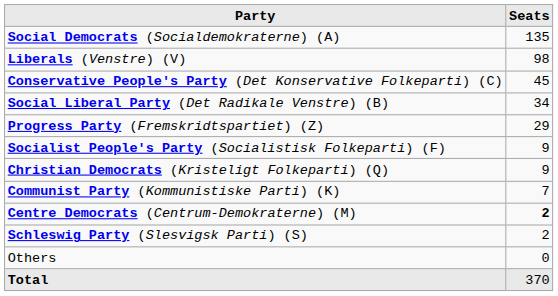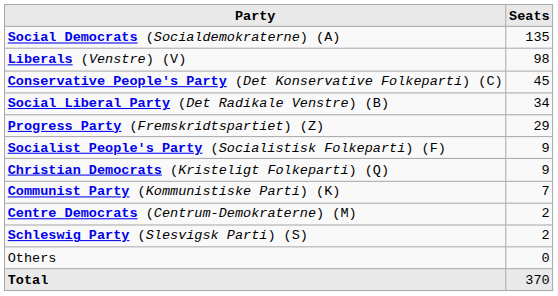 <table class="wikitable">
 <tr>
 <th style="background-color:#E9E9E9">Party</th>
 <th style="background-color:#E9E9E9">Seats</th>
 </tr>
 <tr>
 <td><strong><a href='#'>Social Democrats</a></strong> (<em>Socialdemokraterne</em>) (A)</td>
 <td align="right">135</td>
 </tr>
 <tr>
 <td><strong><a href='#'>Liberals</a></strong> (<em>Venstre</em>) (V)</td>
 <td align="right">98</td>
 </tr>
 <tr>
 <td><strong><a href='#'>Conservative People's Party</a></strong> (<em>Det Konservative Folkeparti</em>) (C)</td>
 <td align="right">45</td>
 </tr>
 <tr>
 <td><strong><a href='#'>Social Liberal Party</a></strong> (<em>Det Radikale Venstre</em>) (B)</td>
 <td align="right">34</td>
 </tr>
 <tr>
 <td><strong><a href='#'>Progress Party</a></strong> (<em>Fremskridtspartiet</em>) (Z)</td>
 <td align="right">29</td>
 </tr>
 <tr>
 <td><strong><a href='#'>Socialist People's Party</a></strong> (<em>Socialistisk Folkeparti</em>) (F)</td>
 <td align="right">9</td>
 </tr>
 <tr>
 <td><strong><a href='#'>Christian Democrats</a></strong> (<em>Kristeligt Folkeparti</em>) (Q)</td>
 <td align="right">9</td>
 </tr>
 <tr>
 <td><strong><a href='#'>Communist Party</a></strong> (<em>Kommunistiske Parti</em>) (K)</td>
 <td align="right">7</td>
 </tr>
 <tr>
 <td><strong><a href='#'>Centre Democrats</a></strong> (<em>Centrum-Demokraterne</em>) (M)</td>
-<td align="right"><strong>2</strong></td>
+<td align="right">2</td>
 </tr>
 <tr>
 <td><strong><a href='#'>Schleswig Party</a></strong> (<em>Slesvigsk Parti</em>) (S)</td>
 <td align="right">2</td>
 </tr>
 <tr>
 <td>Others</td>
 <td align="right">0</td>
 </tr>
 <tr>
 <td style="background-color:#E9E9E9"><strong>Total</strong></td>
 <td align="right" style="background-color:#E9E9E9">370</td>
 </tr>
 </table>
